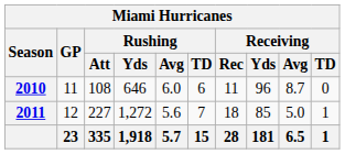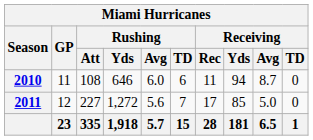 <table class="wikitable" style="text-align: center;">
 <tr>
 <th colspan="15">Miami Hurricanes</th>
 </tr>
 <tr>
 <th rowspan="2">Season</th>
 <th rowspan="2">GP</th>
 <th colspan="4">Rushing</th>
 <th colspan="4">Receiving</th>
 </tr>
 <tr>
 <th>Att</th>
 <th>Yds</th>
 <th>Avg</th>
 <th>TD</th>
 <th>Rec</th>
 <th>Yds</th>
 <th>Avg</th>
 <th>TD</th>
 </tr>
 <tr>
 <th><a href='#'>2010</a></th>
 <td>11</td>
 <td>108</td>
 <td>646</td>
 <td>6.0</td>
 <td>6</td>
 <td>11</td>
-<td>96</td>
+<td>94</td>
 <td>8.7</td>
 <td>0</td>
 </tr>
 <tr>
 <th><a href='#'>2011</a></th>
 <td>12</td>
 <td>227</td>
 <td>1,272</td>
 <td>5.6</td>
 <td>7</td>
-<td>18</td>
+<td>17</td>
 <td>85</td>
 <td>5.0</td>
-<td>1</td>
+<td>0</td>
 </tr>
 <tr>
 <th></th>
 <th>23</th>
 <th>335</th>
 <th>1,918</th>
 <th>5.7</th>
 <th>15</th>
 <th>28</th>
 <th>181</th>
 <th>6.5</th>
 <th>1</th>
 </tr>
 </table>
